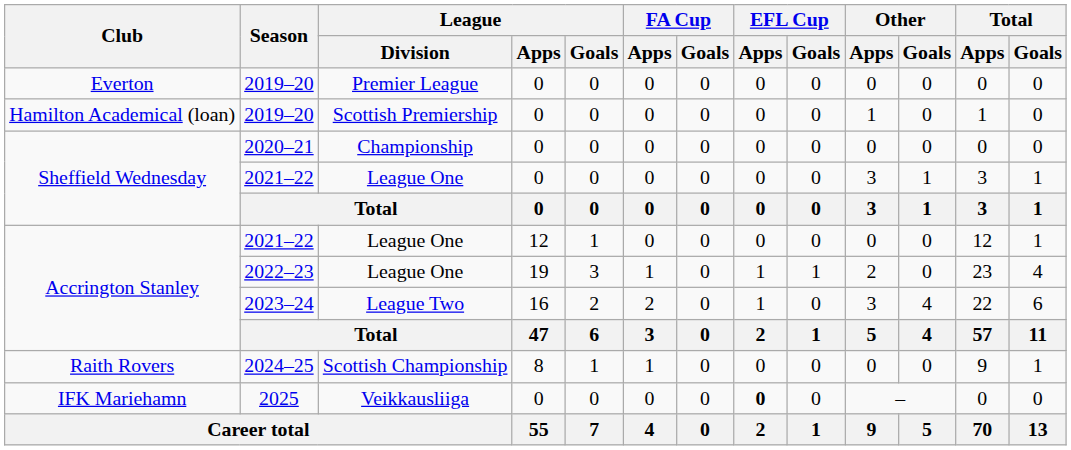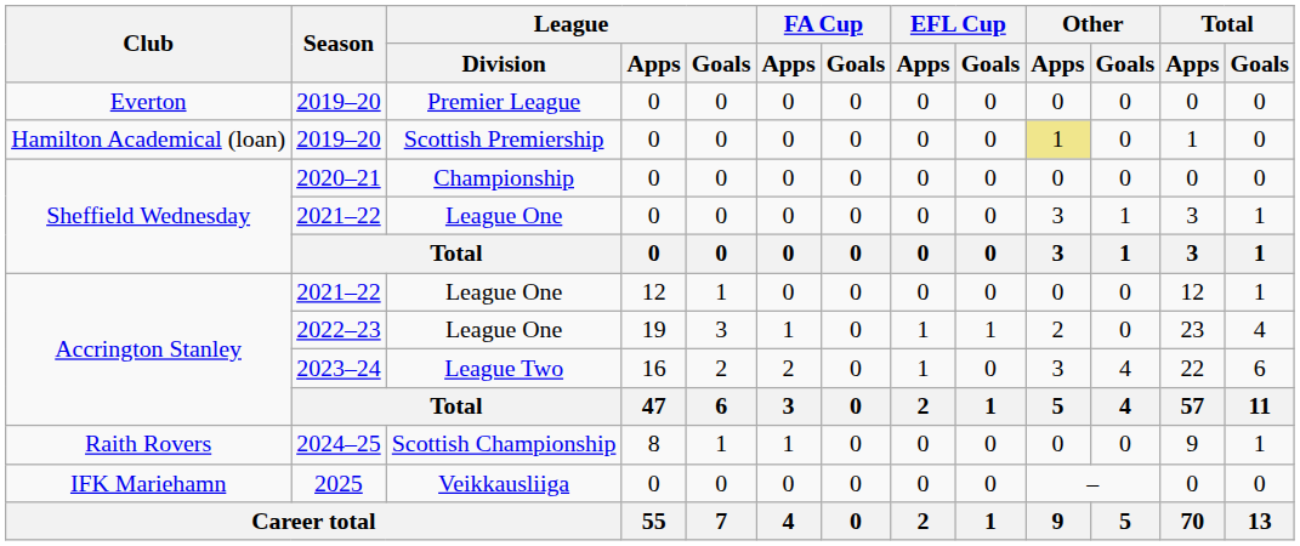 <table class="wikitable" style="text-align:center">
 <tr>
 <th rowspan="2">Club</th>
 <th rowspan="2">Season</th>
 <th colspan="3">League</th>
 <th colspan="2"><a href='#'>FA Cup</a></th>
 <th colspan="2"><a href='#'>EFL Cup</a></th>
 <th colspan="2">Other</th>
 <th colspan="2">Total</th>
 </tr>
 <tr>
 <th>Division</th>
 <th>Apps</th>
 <th>Goals</th>
 <th>Apps</th>
 <th>Goals</th>
 <th>Apps</th>
 <th>Goals</th>
 <th>Apps</th>
 <th>Goals</th>
 <th>Apps</th>
 <th>Goals</th>
 </tr>
 <tr>
 <td><a href='#'>Everton</a></td>
 <td><a href='#'>2019–20</a></td>
 <td><a href='#'>Premier League</a></td>
 <td>0</td>
 <td>0</td>
 <td>0</td>
 <td>0</td>
 <td>0</td>
 <td>0</td>
 <td>0</td>
 <td>0</td>
 <td>0</td>
 <td>0</td>
 </tr>
 <tr>
 <td><a href='#'>Hamilton Academical</a> (loan)</td>
 <td><a href='#'>2019–20</a></td>
 <td><a href='#'>Scottish Premiership</a></td>
 <td>0</td>
 <td>0</td>
 <td>0</td>
 <td>0</td>
 <td>0</td>
 <td>0</td>
-<td>1</td>
+<td style="background: khaki;">1</td>
 <td>0</td>
 <td>1</td>
 <td>0</td>
 </tr>
 <tr>
 <td rowspan=3><a href='#'>Sheffield Wednesday</a></td>
 <td><a href='#'>2020–21</a></td>
 <td><a href='#'>Championship</a></td>
 <td>0</td>
 <td>0</td>
 <td>0</td>
 <td>0</td>
 <td>0</td>
 <td>0</td>
 <td>0</td>
 <td>0</td>
 <td>0</td>
 <td>0</td>
 </tr>
 <tr>
 <td><a href='#'>2021–22</a></td>
 <td><a href='#'>League One</a></td>
 <td>0</td>
 <td>0</td>
 <td>0</td>
 <td>0</td>
 <td>0</td>
 <td>0</td>
 <td>3</td>
 <td>1</td>
 <td>3</td>
 <td>1</td>
 </tr>
 <tr>
 <th colspan="2">Total</th>
 <th>0</th>
 <th>0</th>
 <th>0</th>
 <th>0</th>
 <th>0</th>
 <th>0</th>
 <th>3</th>
 <th>1</th>
 <th>3</th>
 <th>1</th>
 </tr>
 <tr>
 <td rowspan="4"><a href='#'>Accrington Stanley</a></td>
 <td><a href='#'>2021–22</a></td>
 <td>League One</td>
 <td>12</td>
 <td>1</td>
 <td>0</td>
 <td>0</td>
 <td>0</td>
 <td>0</td>
 <td>0</td>
 <td>0</td>
 <td>12</td>
 <td>1</td>
 </tr>
 <tr>
 <td><a href='#'>2022–23</a></td>
 <td>League One</td>
 <td>19</td>
 <td>3</td>
 <td>1</td>
 <td>0</td>
 <td>1</td>
 <td>1</td>
 <td>2</td>
 <td>0</td>
 <td>23</td>
 <td>4</td>
 </tr>
 <tr>
 <td><a href='#'>2023–24</a></td>
 <td><a href='#'>League Two</a></td>
 <td>16</td>
 <td>2</td>
 <td>2</td>
 <td>0</td>
 <td>1</td>
 <td>0</td>
 <td>3</td>
 <td>4</td>
 <td>22</td>
 <td>6</td>
 </tr>
 <tr>
 <th colspan="2">Total</th>
 <th>47</th>
 <th>6</th>
 <th>3</th>
 <th>0</th>
 <th>2</th>
 <th>1</th>
 <th>5</th>
 <th>4</th>
 <th>57</th>
 <th>11</th>
 </tr>
 <tr>
 <td><a href='#'>Raith Rovers</a></td>
 <td><a href='#'>2024–25</a></td>
 <td><a href='#'>Scottish Championship</a></td>
 <td>8</td>
 <td>1</td>
 <td>1</td>
 <td>0</td>
 <td>0</td>
 <td>0</td>
 <td>0</td>
 <td>0</td>
 <td>9</td>
 <td>1</td>
 </tr>
 <tr>
 <td><a href='#'>IFK Mariehamn</a></td>
 <td><a href='#'>2025</a></td>
 <td><a href='#'>Veikkausliiga</a></td>
 <td>0</td>
 <td>0</td>
 <td>0</td>
 <td>0</td>
-<td><strong>0</strong></td>
+<td>0</td>
 <td>0</td>
 <td colspan=2>–</td>
 <td>0</td>
 <td>0</td>
 </tr>
 <tr>
 <th colspan="3">Career total</th>
 <th>55</th>
 <th>7</th>
 <th>4</th>
 <th>0</th>
 <th>2</th>
 <th>1</th>
 <th>9</th>
 <th>5</th>
 <th>70</th>
 <th>13</th>
 </tr>
 </table>
